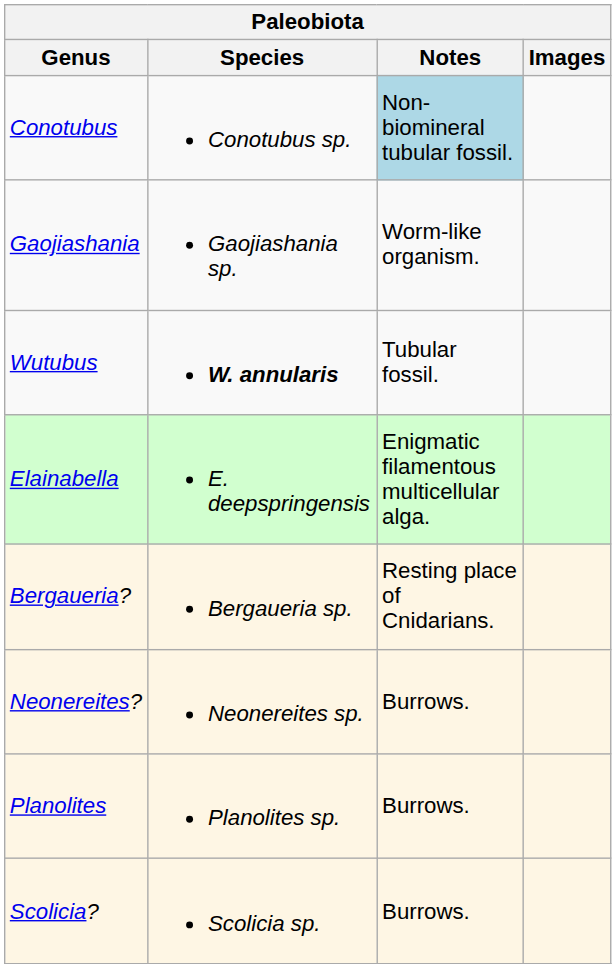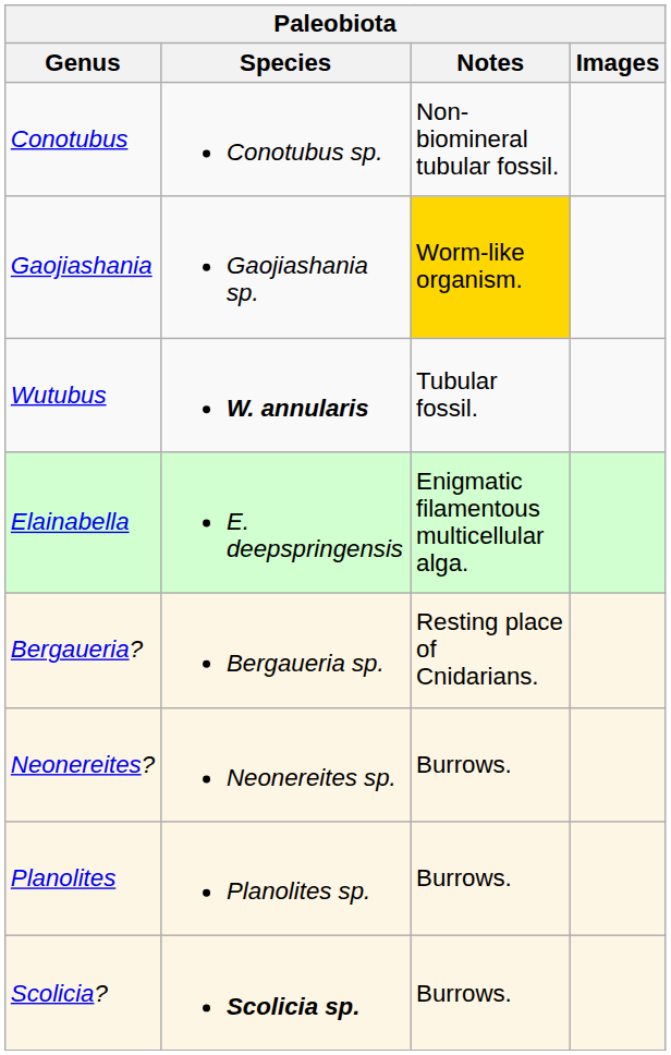 <table class="wikitable sortable" style="width:70%;">
 <tr>
 <th colspan="5" align="center">Paleobiota</th>
 </tr>
 <tr>
 <th>Genus</th>
 <th>Species</th>
 <th>Notes</th>
 <th>Images</th>
 </tr>
 <tr>
 <td><em><a href='#'>Conotubus</a></em></td>
 <td><br><ul><li><em>Conotubus sp.</em></li></ul></td>
-<td style="background: lightblue;">Non-biomineral tubular fossil.</td>
+<td>Non-biomineral tubular fossil.</td>
 <td></td>
 </tr>
 <tr>
 <td><em><a href='#'>Gaojiashania</a></em></td>
 <td><br><ul><li><em>Gaojiashania sp.</em></li></ul></td>
-<td>Worm-like organism.</td>
+<td style="background: gold;">Worm-like organism.</td>
 <td></td>
 </tr>
 <tr>
 <td><em><a href='#'>Wutubus</a></em></td>
 <td><strong><br><ul><li><em>W. annularis</em></li></ul></strong></td>
 <td>Tubular fossil.</td>
 <td></td>
 </tr>
 <tr>
 <td style="background:#D1FFCF;"><em><a href='#'>Elainabella</a></em></td>
 <td style="background:#D1FFCF;"><br><ul><li><em>E. deepspringensis</em></li></ul></td>
 <td style="background:#D1FFCF;">Enigmatic filamentous multicellular alga.</td>
 <td style="background:#D1FFCF;"></td>
 </tr>
 <tr>
 <td style="background:#FEF6E4;"><em><a href='#'>Bergaueria</a>?</em></td>
 <td style="background:#FEF6E4;"><br><ul><li><em>Bergaueria sp.</em></li></ul></td>
 <td style="background:#FEF6E4;">Resting place of Cnidarians.</td>
 <td style="background:#FEF6E4;"></td>
 </tr>
 <tr>
 <td style="background:#FEF6E4;"><em><a href='#'>Neonereites</a>?</em></td>
 <td style="background:#FEF6E4;"><br><ul><li><em>Neonereites sp.</em></li></ul></td>
 <td style="background:#FEF6E4;">Burrows.</td>
 <td style="background:#FEF6E4;"></td>
 </tr>
 <tr>
 <td style="background:#FEF6E4;"><em><a href='#'>Planolites</a></em></td>
 <td style="background:#FEF6E4;"><br><ul><li><em>Planolites sp.</em></li></ul></td>
 <td style="background:#FEF6E4;">Burrows.</td>
 <td style="background:#FEF6E4;"></td>
 </tr>
 <tr>
 <td style="background:#FEF6E4;"><em><a href='#'>Scolicia</a>?</em></td>
-<td style="background:#FEF6E4;"><br><ul><li><em>Scolicia sp.</em></li></ul></td>
+<td style="background:#FEF6E4;"><strong><br><ul><li><em>Scolicia sp.</em></li></ul></strong></td>
 <td style="background:#FEF6E4;">Burrows.</td>
 <td style="background:#FEF6E4;"></td>
 </tr>
 <tr>
 </tr>
 </table>
